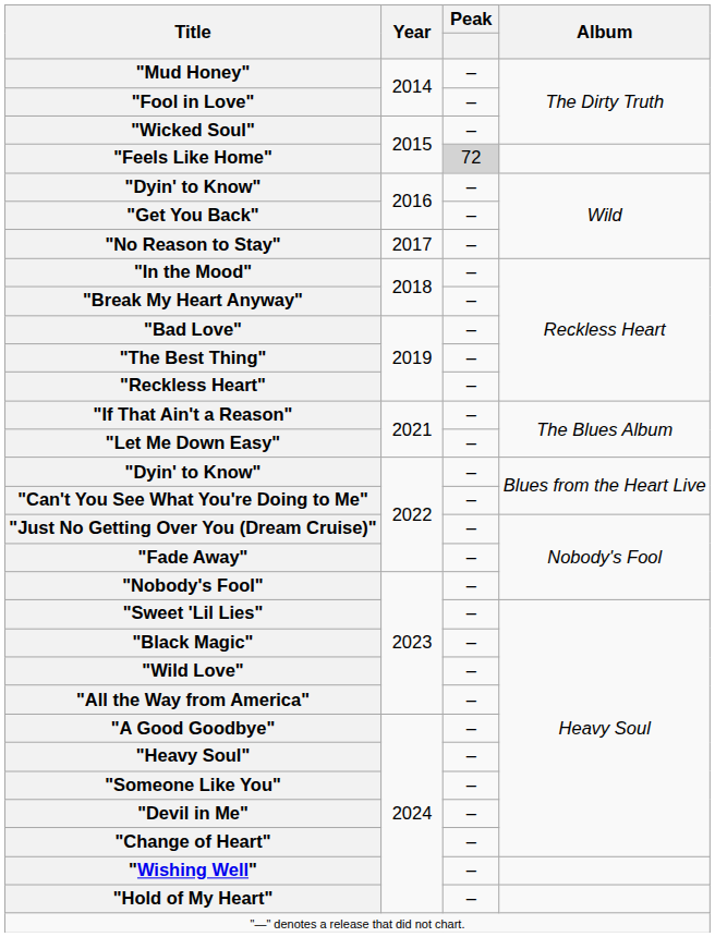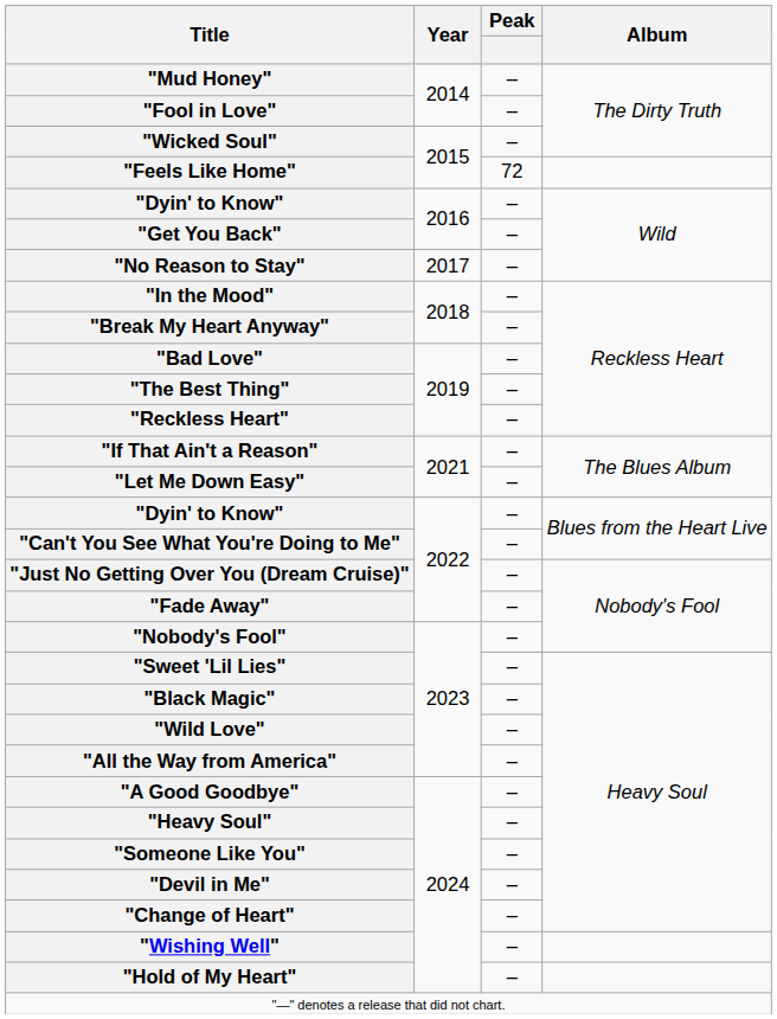 <table class="wikitable plainrowheaders" style="text-align:center;">
 <tr>
 <th scope="col" rowspan="2">Title</th>
 <th scope="col" rowspan="2" style="width:3em;">Year</th>
 <th scope="col" colspan="1">Peak</th>
 <th scope="col" rowspan="2">Album</th>
 </tr>
 <tr>
 <th scope="col" style="width:3em;font-size:90%;"><br></th>
 </tr>
 <tr>
 <th scope="row">"Mud Honey"</th>
 <td rowspan="2">2014</td>
 <td>–</td>
 <td rowspan="3"><em>The Dirty Truth</em></td>
 </tr>
 <tr>
 <th scope="row">"Fool in Love"</th>
 <td>–</td>
 </tr>
 <tr>
 <th scope="row">"Wicked Soul"</th>
 <td rowspan="2">2015</td>
 <td>–</td>
 </tr>
 <tr>
 <th scope="row">"Feels Like Home" </th>
-<td style="background: lightgrey;">72</td>
+<td>72</td>
 <td></td>
 </tr>
 <tr>
 <th scope="row">"Dyin' to Know"</th>
 <td rowspan="2">2016</td>
 <td>–</td>
 <td rowspan="3"><em>Wild</em></td>
 </tr>
 <tr>
 <th scope="row">"Get You Back"</th>
 <td>–</td>
 </tr>
 <tr>
 <th scope="row">"No Reason to Stay"</th>
 <td>2017</td>
 <td>–</td>
 </tr>
 <tr>
 <th scope="row">"In the Mood"</th>
 <td rowspan="2">2018</td>
 <td>–</td>
 <td rowspan="5"><em>Reckless Heart</em></td>
 </tr>
 <tr>
 <th scope="row">"Break My Heart Anyway"</th>
 <td>–</td>
 </tr>
 <tr>
 <th scope="row">"Bad Love"</th>
 <td rowspan="3">2019</td>
 <td>–</td>
 </tr>
 <tr>
 <th scope="row">"The Best Thing"</th>
 <td>–</td>
 </tr>
 <tr>
 <th scope="row">"Reckless Heart"</th>
 <td>–</td>
 </tr>
 <tr>
 <th scope="row">"If That Ain't a Reason"</th>
 <td rowspan="2">2021</td>
 <td>–</td>
 <td rowspan="2"><em>The Blues Album</em></td>
 </tr>
 <tr>
 <th scope="row">"Let Me Down Easy"</th>
 <td>–</td>
 </tr>
 <tr>
 <th scope="row">"Dyin' to Know" </th>
 <td rowspan="4">2022</td>
 <td>–</td>
 <td rowspan="2"><em>Blues from the Heart Live</em></td>
 </tr>
 <tr>
 <th scope="row">"Can't You See What You're Doing to Me" </th>
 <td>–</td>
 </tr>
 <tr>
 <th scope="row">"Just No Getting Over You (Dream Cruise)"</th>
 <td>–</td>
 <td rowspan="3"><em>Nobody's Fool</em></td>
 </tr>
 <tr>
 <th scope="row">"Fade Away"</th>
 <td>–</td>
 </tr>
 <tr>
 <th scope="row">"Nobody's Fool"</th>
 <td rowspan="5">2023</td>
 <td>–</td>
 </tr>
 <tr>
 <th scope="row">"Sweet 'Lil Lies"</th>
 <td>–</td>
 <td rowspan="9"><em>Heavy Soul</em></td>
 </tr>
 <tr>
 <th scope="row">"Black Magic"</th>
 <td>–</td>
 </tr>
 <tr>
 <th scope="row">"Wild Love"</th>
 <td>–</td>
 </tr>
 <tr>
 <th scope="row">"All the Way from America"</th>
 <td>–</td>
 </tr>
 <tr>
 <th scope="row">"A Good Goodbye"</th>
 <td rowspan="7">2024</td>
 <td>–</td>
 </tr>
 <tr>
 <th scope="row">"Heavy Soul"</th>
 <td>–</td>
 </tr>
 <tr>
 <th scope="row">"Someone Like You"</th>
 <td>–</td>
 </tr>
 <tr>
 <th scope="row">"Devil in Me"</th>
 <td>–</td>
 </tr>
 <tr>
 <th scope="row">"Change of Heart"</th>
 <td>–</td>
 </tr>
 <tr>
 <th scope="row">"<a href='#'>Wishing Well</a>" </th>
 <td>–</td>
 <td></td>
 </tr>
 <tr>
 <th scope="row">"Hold of My Heart"</th>
 <td>–</td>
 <td></td>
 </tr>
 <tr>
 <td align="center" colspan="4" style="font-size: 8pt">"—" denotes a release that did not chart.</td>
 </tr>
 </table>
